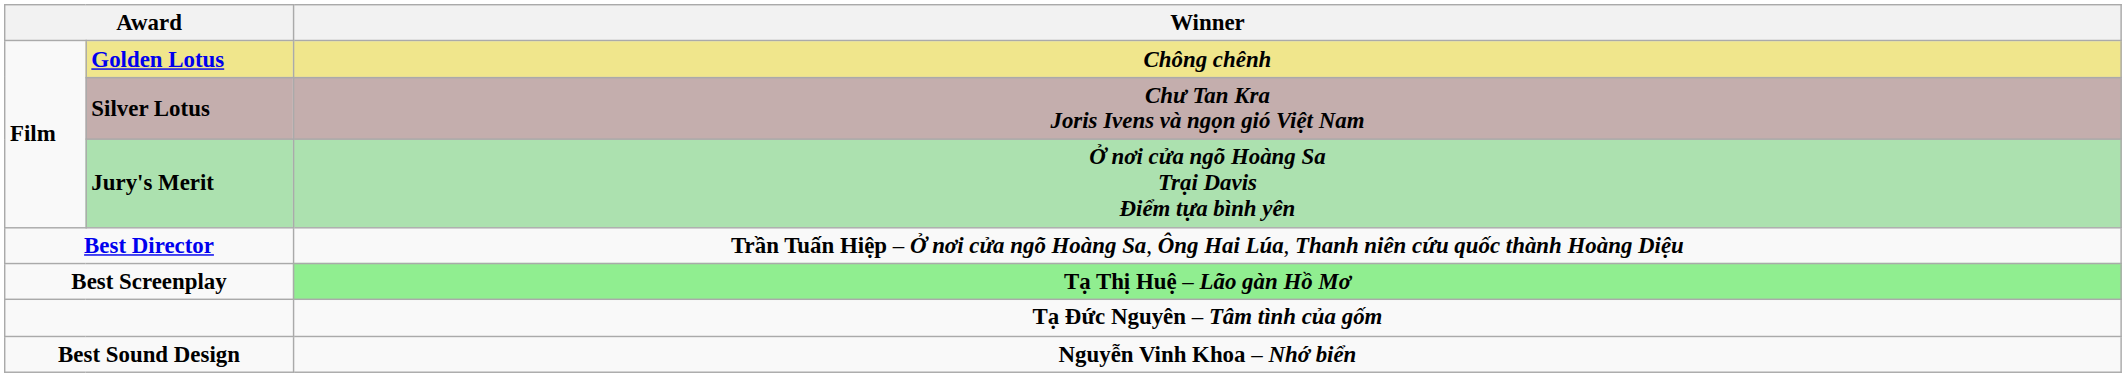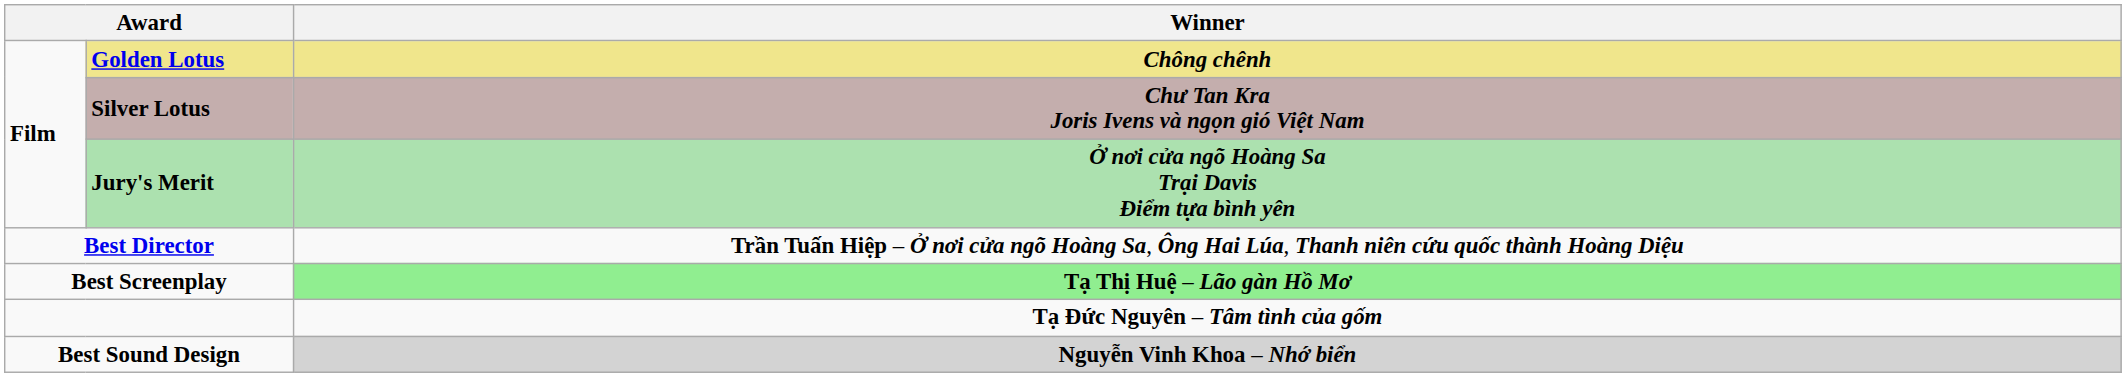 <table class=wikitable>
 <tr>
 <th width="12%" colspan="2">Award</th>
 <th width="76%">Winner</th>
 </tr>
 <tr>
 <td rowspan="3"><strong>Film</strong></td>
 <td style="background:#F0E68C"><strong><a href='#'>Golden Lotus</a></strong></td>
 <td style="background:#F0E68C" align=center><strong><em>Chông chênh</em></strong></td>
 </tr>
 <tr>
 <td style="background:#C4AEAD"><strong>Silver Lotus</strong></td>
 <td style="background:#C4AEAD" align=center><strong><em>Chư Tan Kra</em></strong><br><strong><em>Joris Ivens và ngọn gió Việt Nam</em></strong></td>
 </tr>
 <tr>
 <td style="background:#ACE1AF"><strong>Jury's Merit</strong></td>
 <td style="background:#ACE1AF" align=center><strong><em>Ở nơi cửa ngõ Hoàng Sa</em></strong><br><strong><em>Trại Davis</em></strong><br><strong><em>Điểm tựa bình yên</em></strong></td>
 </tr>
 <tr>
 <td colspan="2" align=center><strong><a href='#'>Best Director</a></strong></td>
 <td align=center><strong>Trần Tuấn Hiệp</strong> – <strong><em>Ở nơi cửa ngõ Hoàng Sa</em></strong>, <strong><em>Ông Hai Lúa</em></strong>, <strong><em>Thanh niên cứu quốc thành Hoàng Diệu</em></strong></td>
 </tr>
 <tr>
 <td colspan="2" align=center><strong>Best Screenplay</strong></td>
 <td align=center style="background: lightgreen;"><strong>Tạ Thị Huệ</strong> – <strong><em>Lão gàn Hồ Mơ</em></strong></td>
 </tr>
 <tr>
 <td colspan="2" align=center><strong></strong></td>
 <td align=center><strong>Tạ Đức Nguyên</strong> – <strong><em>Tâm tình của gốm</em></strong></td>
 </tr>
 <tr>
 <td colspan="2" align=center><strong>Best Sound Design</strong></td>
-<td align=center><strong>Nguyễn Vinh Khoa</strong> – <strong><em>Nhớ biển</em></strong></td>
+<td align=center style="background: lightgrey;"><strong>Nguyễn Vinh Khoa</strong> – <strong><em>Nhớ biển</em></strong></td>
 </tr>
 </table>
